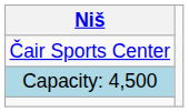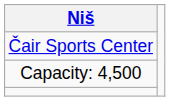 <table class="wikitable" style="text-align:center">
 <tr>
 <th><a href='#'>Niš</a></th>
 <td rowspan=4></td>
 </tr>
 <tr>
 <td><a href='#'>Čair Sports Center</a></td>
 </tr>
 <tr>
-<td style="background: lightblue;">Capacity: 4,500</td>
+<td>Capacity: 4,500</td>
 </tr>
 <tr>
 <td></td>
 </tr>
 </table>
